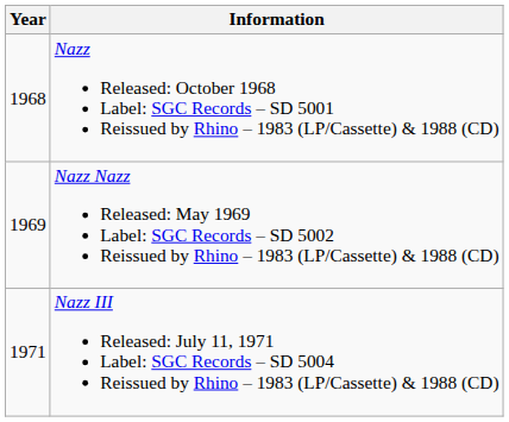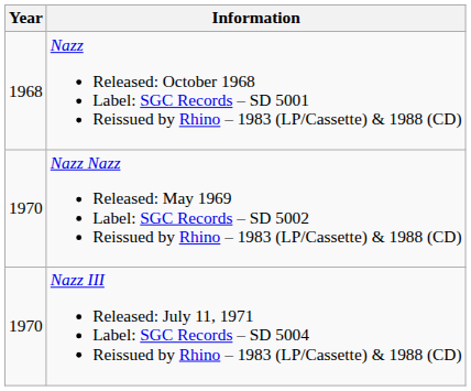 <table class="wikitable">
 <tr>
 <th>Year</th>
 <th>Information</th>
 </tr>
 <tr>
 <td>1968</td>
 <td><em><a href='#'>Nazz</a></em><br><ul><li>Released: October 1968</li><li>Label: <a href='#'>SGC Records</a> – SD 5001</li><li>Reissued by <a href='#'>Rhino</a> – 1983 (LP/Cassette) & 1988 (CD)</li></ul></td>
 </tr>
 <tr>
-<td>1969</td>
+<td>1970</td>
 <td><em><a href='#'>Nazz Nazz</a></em><br><ul><li>Released: May 1969</li><li>Label: <a href='#'>SGC Records</a> – SD 5002</li><li>Reissued by <a href='#'>Rhino</a> – 1983 (LP/Cassette) & 1988 (CD)</li></ul></td>
 </tr>
 <tr>
-<td>1971</td>
+<td>1970</td>
 <td><em><a href='#'>Nazz III</a></em><br><ul><li>Released: July 11, 1971</li><li>Label: <a href='#'>SGC Records</a> – SD 5004</li><li>Reissued by <a href='#'>Rhino</a> – 1983 (LP/Cassette) & 1988 (CD)</li></ul></td>
 </tr>
 </table>
